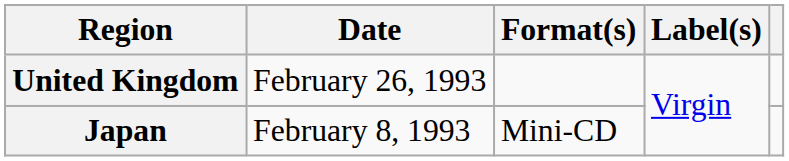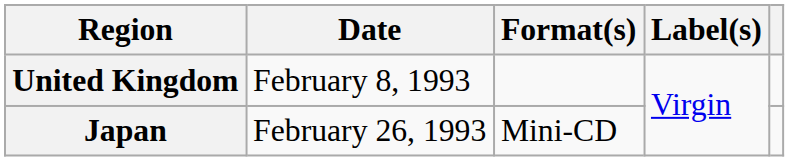 <table class="wikitable plainrowheaders">
 <tr>
 <th scope="col">Region</th>
 <th scope="col">Date</th>
 <th scope="col">Format(s)</th>
 <th scope="col">Label(s)</th>
 <th scope="col"></th>
 </tr>
 <tr>
 <th scope="row">United Kingdom</th>
-<td>February 26, 1993</td>
+<td>February 8, 1993</td>
 <td></td>
 <td rowspan="2"><a href='#'>Virgin</a></td>
 <td></td>
 </tr>
 <tr>
 <th scope="row">Japan</th>
-<td>February 8, 1993</td>
+<td>February 26, 1993</td>
 <td>Mini-CD</td>
 <td></td>
 </tr>
 </table>
